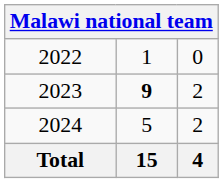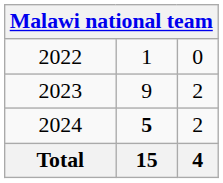 <table class="wikitable" style="text-align:center">
 <tr>
 <th colspan=3><a href='#'>Malawi national team</a></th>
 </tr>
 <tr>
 <td>2022</td>
 <td>1</td>
 <td>0</td>
 </tr>
 <tr>
 <td>2023</td>
-<td><strong>9</strong></td>
+<td>9</td>
 <td>2</td>
 </tr>
 <tr>
 <td>2024</td>
-<td>5</td>
+<td><strong>5</strong></td>
 <td>2</td>
 </tr>
 <tr>
 <th>Total</th>
 <th>15</th>
 <th>4</th>
 </tr>
 </table>
